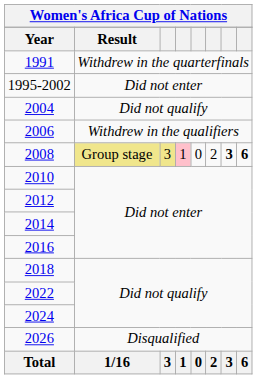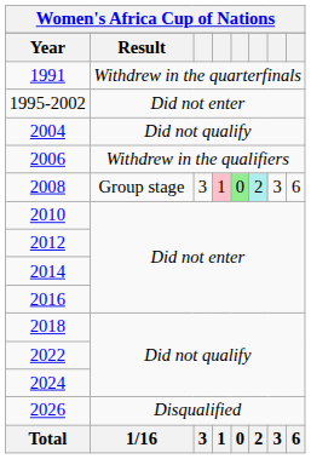 <table class="wikitable" style="text-align: center;">
 <tr>
 <th colspan=8><a href='#'>Women's Africa Cup of Nations</a></th>
 </tr>
 <tr>
 </tr>
 <tr>
 <th>Year</th>
 <th>Result</th>
 <th></th>
 <th></th>
 <th></th>
 <th></th>
 <th></th>
 <th></th>
 </tr>
 <tr>
 <td><a href='#'>1991</a></td>
 <td colspan=8><em>Withdrew in the quarterfinals</em></td>
 </tr>
 <tr>
 <td>1995-2002</td>
 <td colspan=8><em>Did not enter</em></td>
 </tr>
 <tr>
 <td> <a href='#'>2004</a></td>
 <td colspan=8><em>Did not qualify</em></td>
 </tr>
 <tr>
 <td> <a href='#'>2006</a></td>
 <td colspan=8><em>Withdrew in the qualifiers</em></td>
 </tr>
 <tr>
 <td> <a href='#'>2008</a></td>
-<td style="background: khaki;">Group stage</td>
-<td style="background: khaki;">3</td>
+<td>Group stage</td>
+<td>3</td>
 <td style="background: pink;">1</td>
-<td>0</td>
-<td>2</td>
-<td><strong>3</strong></td>
-<td><strong>6</strong></td>
+<td style="background: lightgreen;">0</td>
+<td style="background: paleturquoise;">2</td>
+<td>3</td>
+<td>6</td>
 </tr>
 <tr>
 <td> <a href='#'>2010</a></td>
 <td colspan=8 rowspan=4><em>Did not enter</em></td>
 </tr>
 <tr>
 <td> <a href='#'>2012</a></td>
 </tr>
 <tr>
 <td> <a href='#'>2014</a></td>
 </tr>
 <tr>
 <td> <a href='#'>2016</a></td>
 </tr>
 <tr>
 <td> <a href='#'>2018</a></td>
 <td colspan=8 rowspan=3><em>Did not qualify</em></td>
 </tr>
 <tr>
 <td> <a href='#'>2022</a></td>
 </tr>
 <tr>
 <td> <a href='#'>2024</a></td>
 </tr>
 <tr>
 <td> <a href='#'>2026</a></td>
 <td colspan=8><em>Disqualified</em></td>
 </tr>
 <tr>
 <th>Total</th>
 <th>1/16</th>
 <th>3</th>
 <th>1</th>
 <th>0</th>
 <th>2</th>
 <th>3</th>
 <th>6</th>
 </tr>
 </table>
